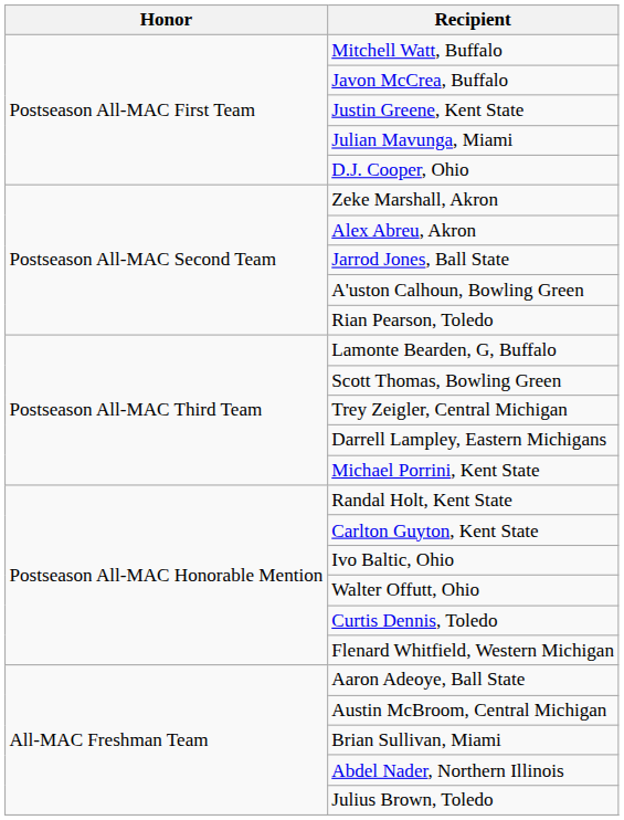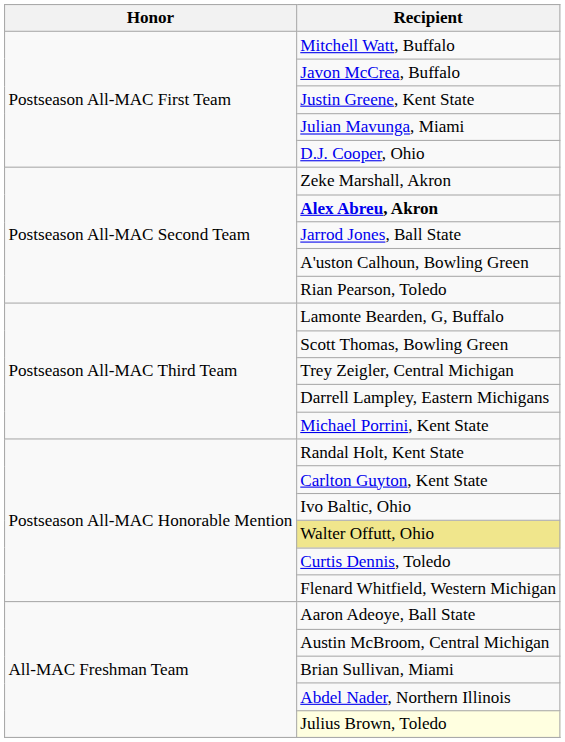 <table class="wikitable" border="1">
 <tr>
 <th>Honor</th>
 <th>Recipient</th>
 </tr>
 <tr>
 <td rowspan=5 valign=middle>Postseason All-MAC First Team</td>
 <td><a href='#'>Mitchell Watt</a>, Buffalo</td>
 </tr>
 <tr>
 <td><a href='#'>Javon McCrea</a>, Buffalo</td>
 </tr>
 <tr>
 <td><a href='#'>Justin Greene</a>, Kent State</td>
 </tr>
 <tr>
 <td><a href='#'>Julian Mavunga</a>, Miami</td>
 </tr>
 <tr>
 <td><a href='#'>D.J. Cooper</a>, Ohio</td>
 </tr>
 <tr>
 <td rowspan=5 valign=middle>Postseason All-MAC Second Team</td>
 <td>Zeke Marshall, Akron</td>
 </tr>
 <tr>
-<td><a href='#'>Alex Abreu</a>, Akron</td>
+<td><strong><a href='#'>Alex Abreu</a>, Akron</strong></td>
 </tr>
 <tr>
 <td><a href='#'>Jarrod Jones</a>, Ball State</td>
 </tr>
 <tr>
 <td>A'uston Calhoun, Bowling Green</td>
 </tr>
 <tr>
 <td>Rian Pearson, Toledo</td>
 </tr>
 <tr>
 <td rowspan=5 valign=middle>Postseason All-MAC Third Team</td>
 <td>Lamonte Bearden, G, Buffalo</td>
 </tr>
 <tr>
 <td>Scott Thomas, Bowling Green</td>
 </tr>
 <tr>
 <td>Trey Zeigler, Central Michigan</td>
 </tr>
 <tr>
 <td>Darrell Lampley, Eastern Michigans</td>
 </tr>
 <tr>
 <td><a href='#'>Michael Porrini</a>, Kent State</td>
 </tr>
 <tr>
 <td rowspan=6 valign=middle>Postseason All-MAC Honorable Mention</td>
 <td>Randal Holt, Kent State</td>
 </tr>
 <tr>
 <td><a href='#'>Carlton Guyton</a>, Kent State</td>
 </tr>
 <tr>
 <td>Ivo Baltic, Ohio</td>
 </tr>
 <tr>
-<td>Walter Offutt, Ohio</td>
+<td style="background: khaki;">Walter Offutt, Ohio</td>
 </tr>
 <tr>
 <td><a href='#'>Curtis Dennis</a>, Toledo</td>
 </tr>
 <tr>
 <td>Flenard Whitfield, Western Michigan</td>
 </tr>
 <tr>
 <td rowspan=5 valign=middle>All-MAC Freshman Team</td>
 <td>Aaron Adeoye, Ball State</td>
 </tr>
 <tr>
 <td>Austin McBroom, Central Michigan</td>
 </tr>
 <tr>
 <td>Brian Sullivan, Miami</td>
 </tr>
 <tr>
 <td><a href='#'>Abdel Nader</a>, Northern Illinois</td>
 </tr>
 <tr>
-<td>Julius Brown, Toledo</td>
+<td style="background: lightyellow;">Julius Brown, Toledo</td>
 </tr>
 <tr>
 </tr>
 </table>
